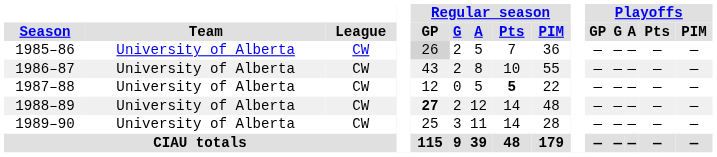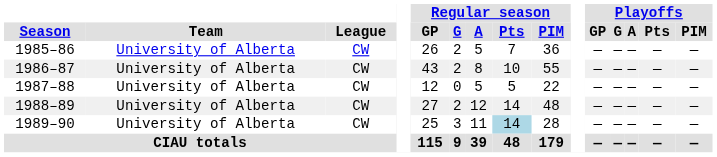 <table border="0" cellpadding="1" cellspacing="0" style="text-align:center; width:50em;">
 <tr bgcolor="#e0e0e0">
 <th colspan="3" bgcolor="#ffffff"> </th>
 <th rowspan="99" bgcolor="#ffffff"> </th>
 <th colspan="5"><a href='#'>Regular season</a></th>
 <th rowspan="99" bgcolor="#ffffff"> </th>
 <th colspan="5"><a href='#'>Playoffs</a></th>
 </tr>
 <tr bgcolor="#e0e0e0">
 <th><a href='#'>Season</a></th>
 <th>Team</th>
 <th>League</th>
 <th>GP</th>
 <th><a href='#'>G</a></th>
 <th><a href='#'>A</a></th>
 <th><a href='#'>Pts</a></th>
 <th><a href='#'>PIM</a></th>
 <th>GP</th>
 <th>G</th>
 <th>A</th>
 <th>Pts</th>
 <th>PIM</th>
 </tr>
 <tr>
 <td>1985–86</td>
 <td><a href='#'>University of Alberta</a></td>
 <td><a href='#'>CW</a></td>
-<td style="background: lightgrey;">26</td>
+<td>26</td>
 <td>2</td>
 <td>5</td>
 <td>7</td>
 <td>36</td>
 <td>—</td>
 <td>—</td>
 <td>—</td>
 <td>—</td>
 <td>—</td>
 </tr>
 <tr bgcolor="f0f0f0">
 <td>1986–87</td>
 <td>University of Alberta</td>
 <td>CW</td>
 <td>43</td>
 <td>2</td>
 <td>8</td>
 <td>10</td>
 <td>55</td>
 <td>—</td>
 <td>—</td>
 <td>—</td>
 <td>—</td>
 <td>—</td>
 </tr>
 <tr>
 <td>1987–88</td>
 <td>University of Alberta</td>
 <td>CW</td>
 <td>12</td>
 <td>0</td>
 <td>5</td>
-<td><strong>5</strong></td>
+<td>5</td>
 <td>22</td>
 <td>—</td>
 <td>—</td>
 <td>—</td>
 <td>—</td>
 <td>—</td>
 </tr>
 <tr bgcolor="f0f0f0">
 <td>1988–89</td>
 <td>University of Alberta</td>
 <td>CW</td>
-<td><strong>27</strong></td>
+<td>27</td>
 <td>2</td>
 <td>12</td>
 <td>14</td>
 <td>48</td>
 <td>—</td>
 <td>—</td>
 <td>—</td>
 <td>—</td>
 <td>—</td>
 </tr>
 <tr>
 <td>1989–90</td>
 <td>University of Alberta</td>
 <td>CW</td>
 <td>25</td>
 <td>3</td>
 <td>11</td>
-<td>14</td>
+<td style="background: lightblue;">14</td>
 <td>28</td>
 <td>—</td>
 <td>—</td>
 <td>—</td>
 <td>—</td>
 <td>—</td>
 </tr>
 <tr bgcolor="#e0e0e0">
 <th colspan="3">CIAU totals</th>
 <th>115</th>
 <th>9</th>
 <th>39</th>
 <th>48</th>
 <th>179</th>
 <th>—</th>
 <th>—</th>
 <th>—</th>
 <th>—</th>
 <th>—</th>
 </tr>
 </table>
